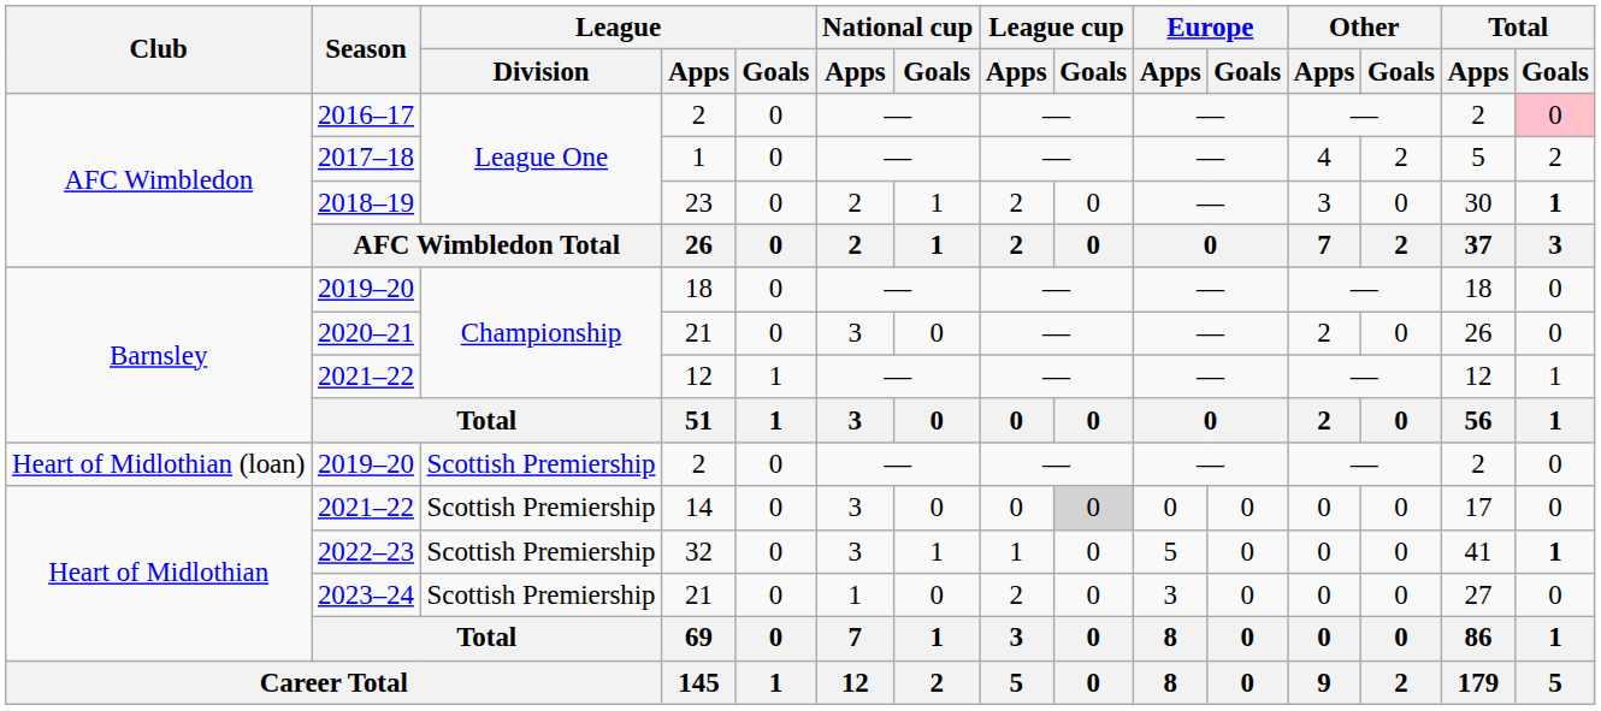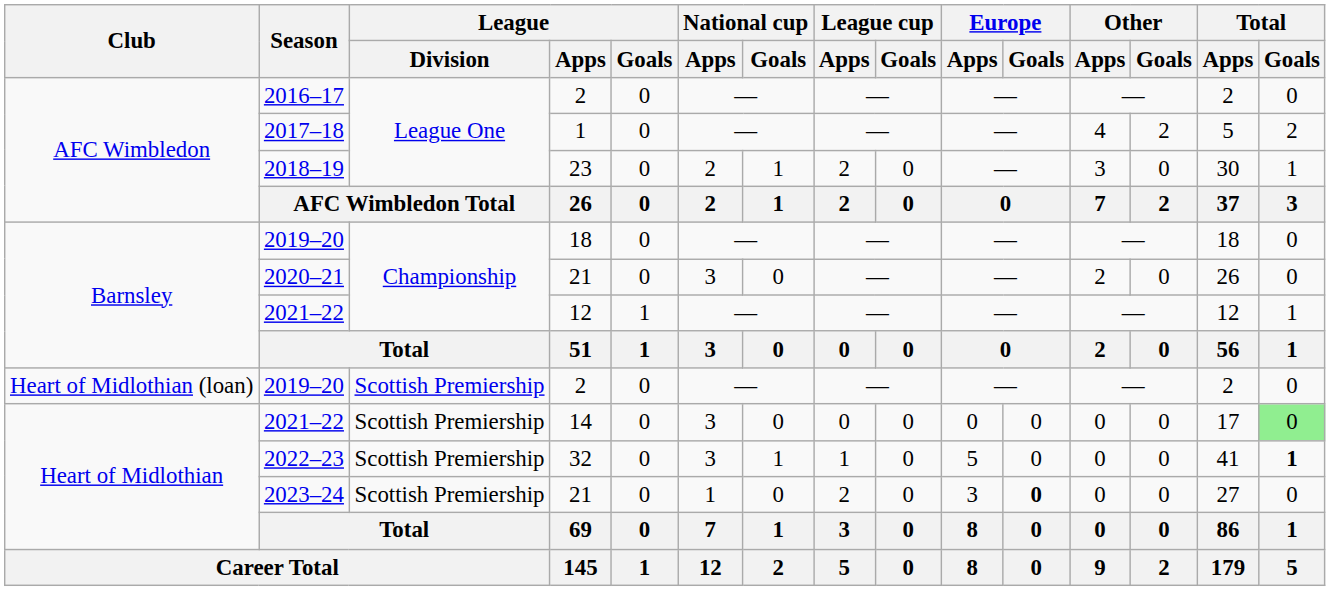 <table class="wikitable" style="text-align: center;">
 <tr>
 <th rowspan="2">Club</th>
 <th rowspan="2">Season</th>
 <th colspan="3">League</th>
 <th colspan="2">National cup</th>
 <th colspan="2">League cup</th>
 <th colspan="2"><a href='#'>Europe</a></th>
 <th colspan="2">Other</th>
 <th colspan="2">Total</th>
 </tr>
 <tr>
 <th>Division</th>
 <th>Apps</th>
 <th>Goals</th>
 <th>Apps</th>
 <th>Goals</th>
 <th>Apps</th>
 <th>Goals</th>
 <th>Apps</th>
 <th>Goals</th>
 <th>Apps</th>
 <th>Goals</th>
 <th>Apps</th>
 <th>Goals</th>
 </tr>
 <tr>
 <td rowspan=4><a href='#'>AFC Wimbledon</a></td>
 <td><a href='#'>2016–17</a></td>
 <td rowspan=3><a href='#'>League One</a></td>
 <td>2</td>
 <td>0</td>
 <td colspan="2">—</td>
 <td colspan="2">—</td>
 <td colspan="2">—</td>
 <td colspan="2">—</td>
 <td>2</td>
-<td style="background: pink;">0</td>
+<td>0</td>
 </tr>
 <tr>
 <td><a href='#'>2017–18</a></td>
 <td>1</td>
 <td>0</td>
 <td colspan="2">—</td>
 <td colspan="2">—</td>
 <td colspan="2">—</td>
 <td>4</td>
 <td>2</td>
 <td>5</td>
 <td>2</td>
 </tr>
 <tr>
 <td><a href='#'>2018–19</a></td>
 <td>23</td>
 <td>0</td>
 <td>2</td>
 <td>1</td>
 <td>2</td>
 <td>0</td>
 <td colspan="2">—</td>
 <td>3</td>
 <td>0</td>
 <td>30</td>
-<td><strong>1</strong></td>
+<td>1</td>
 </tr>
 <tr>
 <th colspan="2">AFC Wimbledon Total</th>
 <th>26</th>
 <th>0</th>
 <th>2</th>
 <th>1</th>
 <th>2</th>
 <th>0</th>
 <th colspan="2">0</th>
 <th>7</th>
 <th>2</th>
 <th>37</th>
 <th>3</th>
 </tr>
 <tr>
 <td rowspan=4><a href='#'>Barnsley</a></td>
 <td><a href='#'>2019–20</a></td>
 <td rowspan=3><a href='#'>Championship</a></td>
 <td>18</td>
 <td>0</td>
 <td colspan="2">—</td>
 <td colspan="2">—</td>
 <td colspan="2">—</td>
 <td colspan=2>—</td>
 <td>18</td>
 <td>0</td>
 </tr>
 <tr>
 <td><a href='#'>2020–21</a></td>
 <td>21</td>
 <td>0</td>
 <td>3</td>
 <td>0</td>
 <td colspan="2">—</td>
 <td colspan="2">—</td>
 <td>2</td>
 <td>0</td>
 <td>26</td>
 <td>0</td>
 </tr>
 <tr>
 <td><a href='#'>2021–22</a></td>
 <td>12</td>
 <td>1</td>
 <td colspan="2">—</td>
 <td colspan="2">—</td>
 <td colspan="2">—</td>
 <td colspan="2">—</td>
 <td>12</td>
 <td>1</td>
 </tr>
 <tr>
 <th colspan="2">Total</th>
 <th>51</th>
 <th>1</th>
 <th>3</th>
 <th>0</th>
 <th>0</th>
 <th>0</th>
 <th colspan="2">0</th>
 <th>2</th>
 <th>0</th>
 <th>56</th>
 <th>1</th>
 </tr>
 <tr>
 <td><a href='#'>Heart of Midlothian</a> (loan)</td>
 <td><a href='#'>2019–20</a></td>
 <td><a href='#'>Scottish Premiership</a></td>
 <td>2</td>
 <td>0</td>
 <td colspan="2">—</td>
 <td colspan="2">—</td>
 <td colspan="2">—</td>
 <td colspan=2>—</td>
 <td>2</td>
 <td>0</td>
 </tr>
 <tr>
 <td rowspan="4"><a href='#'>Heart of Midlothian</a></td>
 <td><a href='#'>2021–22</a></td>
 <td>Scottish Premiership</td>
 <td>14</td>
 <td>0</td>
 <td>3</td>
 <td>0</td>
 <td>0</td>
-<td style="background: lightgrey;">0</td>
+<td>0</td>
 <td>0</td>
 <td>0</td>
 <td>0</td>
 <td>0</td>
 <td>17</td>
-<td>0</td>
+<td style="background: lightgreen;">0</td>
 </tr>
 <tr>
 <td><a href='#'>2022–23</a></td>
 <td>Scottish Premiership</td>
 <td>32</td>
 <td>0</td>
 <td>3</td>
 <td>1</td>
 <td>1</td>
 <td>0</td>
 <td>5</td>
 <td>0</td>
 <td>0</td>
 <td>0</td>
 <td>41</td>
 <td><strong>1</strong></td>
 </tr>
 <tr>
 <td><a href='#'>2023–24</a></td>
 <td>Scottish Premiership</td>
 <td>21</td>
 <td>0</td>
 <td>1</td>
 <td>0</td>
 <td>2</td>
 <td>0</td>
 <td>3</td>
-<td>0</td>
+<td><strong>0</strong></td>
 <td>0</td>
 <td>0</td>
 <td>27</td>
 <td>0</td>
 </tr>
 <tr>
 <th colspan="2">Total</th>
 <th>69</th>
 <th>0</th>
 <th>7</th>
 <th>1</th>
 <th>3</th>
 <th>0</th>
 <th>8</th>
 <th>0</th>
 <th>0</th>
 <th>0</th>
 <th>86</th>
 <th>1</th>
 </tr>
 <tr>
 <th colspan="3">Career Total</th>
 <th>145</th>
 <th>1</th>
 <th>12</th>
 <th>2</th>
 <th>5</th>
 <th>0</th>
 <th>8</th>
 <th>0</th>
 <th>9</th>
 <th>2</th>
 <th>179</th>
 <th>5</th>
 </tr>
 </table>
